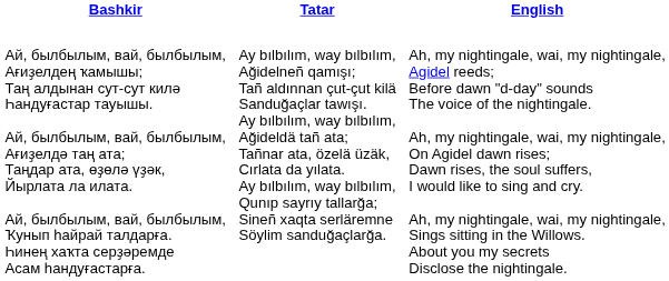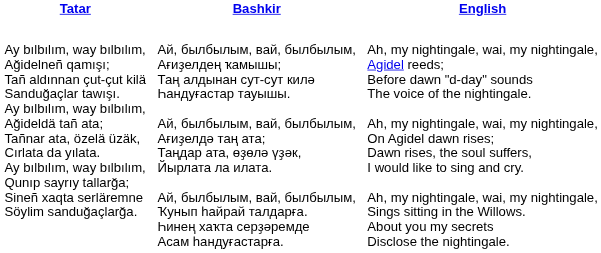 <table cellpadding=6>
 <tr>
+<th><a href='#'>Tatar</a></th>
 <th><a href='#'>Bashkir</a></th>
-<th><a href='#'>Tatar</a></th>
 <th><a href='#'>English</a></th>
 </tr>
 <tr style="vertical-align:top; white-space:nowrap;">
+<td><br>Ay bılbılım, way bılbılım,<br> Ağidelneñ qamışı;<br> Tañ aldınnan çut-çut kilä<br> Sanduğaçlar tawışı.<br>Ay bılbılım, way bılbılım,<br> Ağideldä tañ ata;<br> Tañnar ata, özelä üzäk,<br> Cırlata da yılata.<br>Ay bılbılım, way bılbılım,<br> Qunıp sayrıy tallarğa;<br> Sineñ xaqta serläremne<br> Söylim sanduğaçlarğa.<br></td>
 <td><br>Ай, былбылым, вай, былбылым, <br> Ағиҙелдең ҡамышы; <br> Таң алдынан сут-сут килә<br> Һандуғастар тауышы. <br><br>Ай, былбылым, вай, былбылым, <br> Ағиҙелдә таң ата; <br> Таңдар ата, өҙөлә үҙәк, <br> Йырлата ла илата. <br><br>Ай, былбылым, вай, былбылым, <br> Ҡунып һайрай талдарға. <br> Һинең хаҡта серҙәремде<br> Асам һандуғастарға. <br></td>
-<td><br>Ay bılbılım, way bılbılım,<br> Ağidelneñ qamışı;<br> Tañ aldınnan çut-çut kilä<br> Sanduğaçlar tawışı.<br>Ay bılbılım, way bılbılım,<br> Ağideldä tañ ata;<br> Tañnar ata, özelä üzäk,<br> Cırlata da yılata.<br>Ay bılbılım, way bılbılım,<br> Qunıp sayrıy tallarğa;<br> Sineñ xaqta serläremne<br> Söylim sanduğaçlarğa.<br></td>
 <td><br>Ah, my nightingale, wai, my nightingale, <br> <a href='#'>Agidel</a> reeds; <br> Before dawn "d-day" sounds<br> The voice of the nightingale. <br><br>Ah, my nightingale, wai, my nightingale, <br> On Agidel dawn rises; <br> Dawn rises, the soul suffers, <br> I would like to sing and cry. <br><br>Ah, my nightingale, wai, my nightingale, <br> Sings sitting in the Willows. <br> About you my secrets<br> Disclose the nightingale. <br></td>
 </tr>
 </table>
